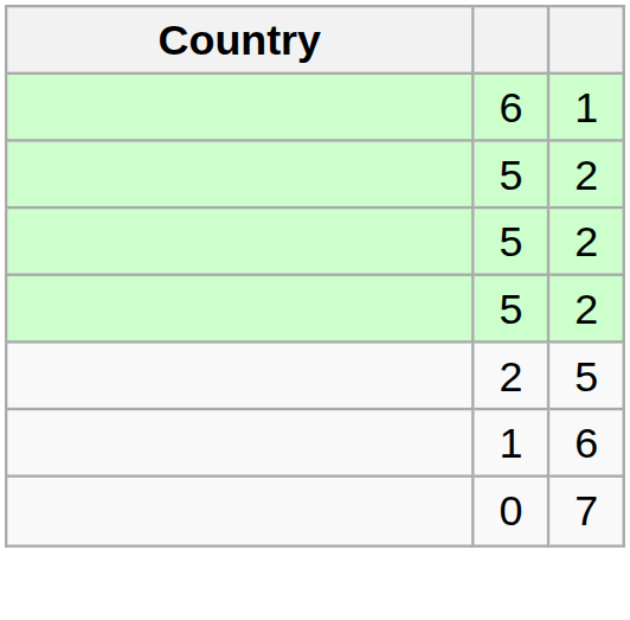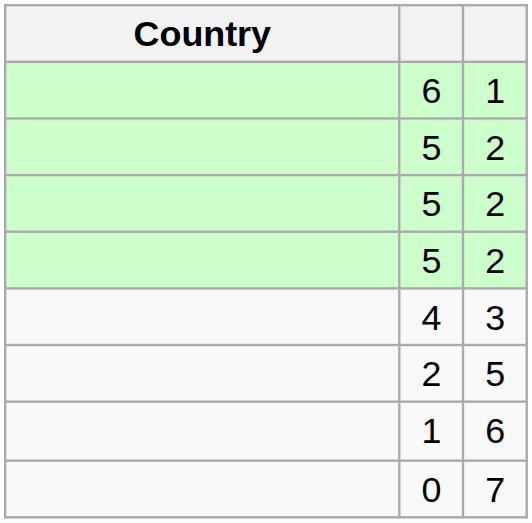 <table class=wikitable style="font-size:95%;text-align: center">
 <tr>
 <th width=160>Country</th>
 <th width=20></th>
 <th width=20></th>
 </tr>
 <tr style="background:#ccffcc;">
 <td style="text-align:left;"></td>
 <td>6</td>
 <td>1</td>
 </tr>
 <tr style="background:#ccffcc">
 <td style="text-align:left;"></td>
 <td>5</td>
 <td>2</td>
 </tr>
 <tr style="background:#ccffcc;">
 <td style="text-align:left;"></td>
 <td>5</td>
 <td>2</td>
 </tr>
 <tr style="background:#ccffcc">
 <td style="text-align:left;"></td>
 <td>5</td>
 <td>2</td>
 </tr>
 <tr>
 <td style="text-align:left;"></td>
+<td>4</td>
+<td>3</td>
+</tr>
+<tr>
+<td style="text-align:left;"></td>
 <td>2</td>
 <td>5</td>
 </tr>
 <tr>
 <td style="text-align:left;"></td>
 <td>1</td>
 <td>6</td>
 </tr>
 <tr>
 <td style="text-align:left;"></td>
 <td>0</td>
 <td>7</td>
 </tr>
 </table>
